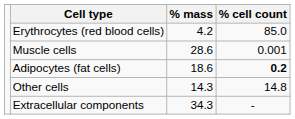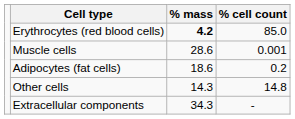 <table class="wikitable floatright" style="border: 1px dashed black; font-size: 86%; ">
 <tr>
 <td rowspan="6"></td>
 <th scope=col>Cell type</th>
 <th scope=col>% mass</th>
 <th scope=col>% cell count</th>
 </tr>
 <tr>
 <td>Erythrocytes (red blood cells)</td>
-<td style="text-align:right;">4.2</td>
+<td style="text-align:right;"><strong>4.2</strong></td>
 <td style="text-align:right;">85.0</td>
 </tr>
 <tr>
 <td>Muscle cells</td>
 <td style="text-align:right;">28.6</td>
 <td style="text-align:right;">0.001</td>
 </tr>
 <tr>
 <td>Adipocytes (fat cells)</td>
 <td style="text-align:right;">18.6</td>
-<td style="text-align:right;"><strong>0.2</strong></td>
+<td style="text-align:right;">0.2</td>
 </tr>
 <tr>
 <td>Other cells</td>
 <td style="text-align:right;">14.3</td>
 <td style="text-align:right;">14.8</td>
 </tr>
 <tr>
 <td>Extracellular components</td>
 <td style="text-align:right;">34.3</td>
 <td style="text-align:center;">-</td>
 </tr>
 </table>
